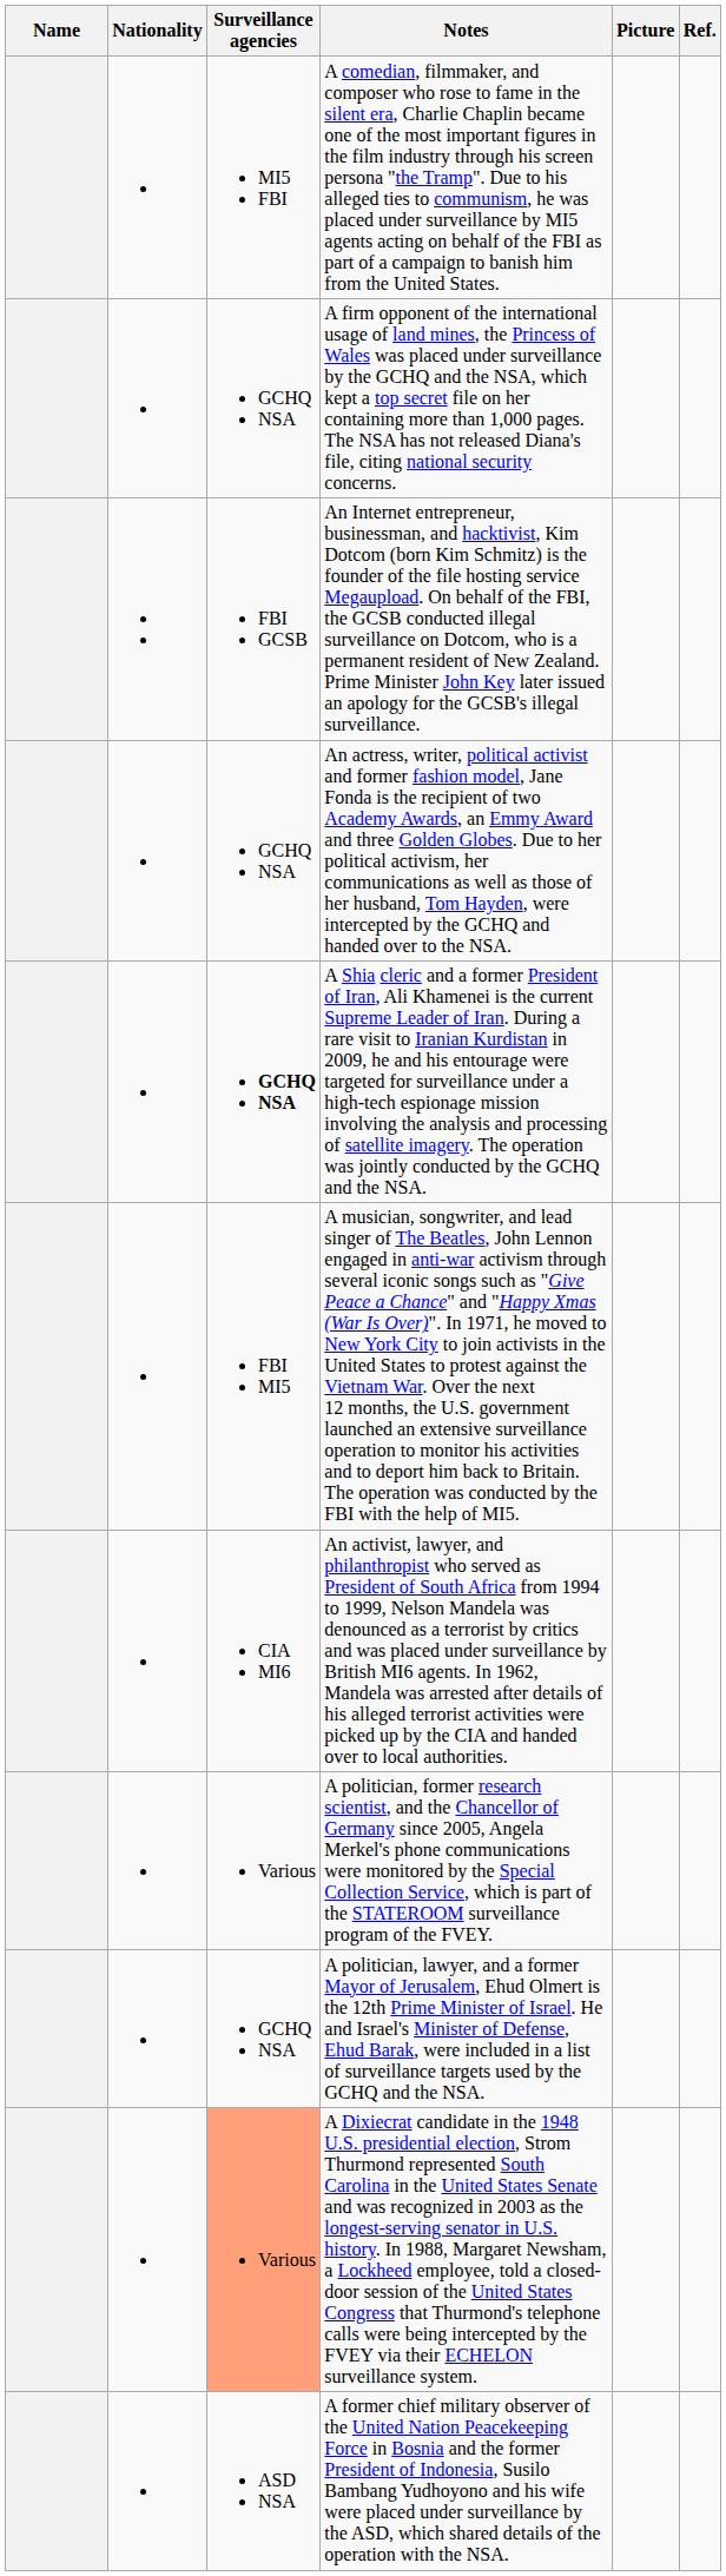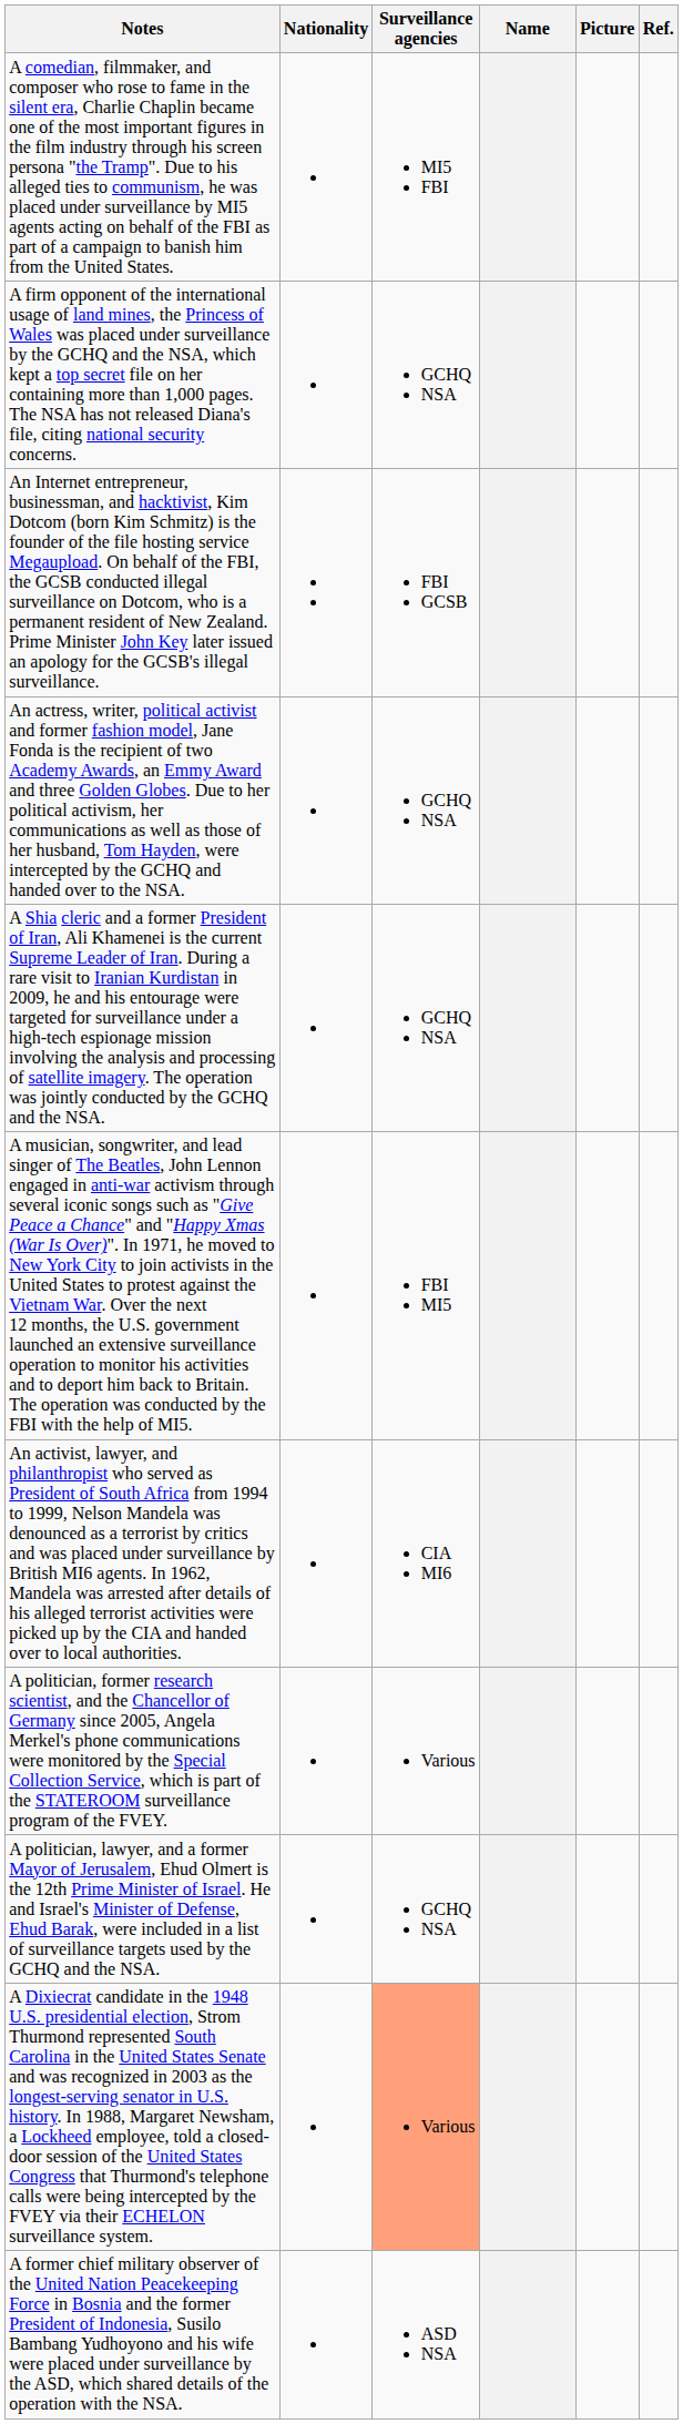 <table class="wikitable sortable">
 <tr>
-<th scope="col" width="20%">Name</th>
+<th scope="col" class="unsortable" width="60%">Notes</th>
 <th scope="col" width="10%">Nationality</th>
 <th scope="col" width="10%">Surveillance agencies</th>
-<th scope="col" class="unsortable" width="60%">Notes</th>
+<th scope="col" width="20%">Name</th>
 <th scope="col" class="unsortable" width="8%">Picture</th>
 <th scope="col" class="unsortable" width="10%">Ref.</th>
 </tr>
 <tr>
-<th scope="row"></th>
+<td>A <a href='#'>comedian</a>, filmmaker, and composer who rose to fame in the <a href='#'>silent era</a>, Charlie Chaplin became one of the most important figures in the film industry through his screen persona "<a href='#'>the Tramp</a>". Due to his alleged ties to <a href='#'>communism</a>, he was placed under surveillance by MI5 agents acting on behalf of the FBI as part of a campaign to banish him from the United States.</td>
 <td><br><ul><li></li></ul></td>
 <td><br><ul><li>MI5</li><li>FBI</li></ul></td>
-<td>A <a href='#'>comedian</a>, filmmaker, and composer who rose to fame in the <a href='#'>silent era</a>, Charlie Chaplin became one of the most important figures in the film industry through his screen persona "<a href='#'>the Tramp</a>". Due to his alleged ties to <a href='#'>communism</a>, he was placed under surveillance by MI5 agents acting on behalf of the FBI as part of a campaign to banish him from the United States.</td>
+<th scope="row"></th>
 <td></td>
 <td></td>
 </tr>
 <tr>
-<th scope="row"></th>
+<td>A firm opponent of the international usage of <a href='#'>land mines</a>, the <a href='#'>Princess of Wales</a> was placed under surveillance by the GCHQ and the NSA, which kept a <a href='#'>top secret</a> file on her containing more than 1,000 pages. The NSA has not released Diana's file, citing <a href='#'>national security</a> concerns.</td>
 <td><br><ul><li></li></ul></td>
 <td><br><ul><li>GCHQ</li><li>NSA</li></ul></td>
-<td>A firm opponent of the international usage of <a href='#'>land mines</a>, the <a href='#'>Princess of Wales</a> was placed under surveillance by the GCHQ and the NSA, which kept a <a href='#'>top secret</a> file on her containing more than 1,000 pages. The NSA has not released Diana's file, citing <a href='#'>national security</a> concerns.</td>
+<th scope="row"></th>
 <td></td>
 <td></td>
 </tr>
 <tr>
-<th scope="row"></th>
+<td>An Internet entrepreneur, businessman, and <a href='#'>hacktivist</a>, Kim Dotcom (born Kim Schmitz) is the founder of the file hosting service <a href='#'>Megaupload</a>. On behalf of the FBI, the GCSB conducted illegal surveillance on Dotcom, who is a permanent resident of New Zealand. Prime Minister <a href='#'>John Key</a> later issued an apology for the GCSB's illegal surveillance.</td>
 <td><br><ul><li></li><li></li></ul></td>
 <td><br><ul><li>FBI</li><li>GCSB</li></ul></td>
-<td>An Internet entrepreneur, businessman, and <a href='#'>hacktivist</a>, Kim Dotcom (born Kim Schmitz) is the founder of the file hosting service <a href='#'>Megaupload</a>. On behalf of the FBI, the GCSB conducted illegal surveillance on Dotcom, who is a permanent resident of New Zealand. Prime Minister <a href='#'>John Key</a> later issued an apology for the GCSB's illegal surveillance.</td>
+<th scope="row"></th>
 <td></td>
 <td></td>
 </tr>
 <tr>
-<th scope="row"></th>
+<td>An actress, writer, <a href='#'>political activist</a> and former <a href='#'>fashion model</a>, Jane Fonda is the recipient of two <a href='#'>Academy Awards</a>, an <a href='#'>Emmy Award</a> and three <a href='#'>Golden Globes</a>. Due to her political activism, her communications as well as those of her husband, <a href='#'>Tom Hayden</a>, were intercepted by the GCHQ and handed over to the NSA.</td>
 <td><br><ul><li></li></ul></td>
 <td><br><ul><li>GCHQ</li><li>NSA</li></ul></td>
-<td>An actress, writer, <a href='#'>political activist</a> and former <a href='#'>fashion model</a>, Jane Fonda is the recipient of two <a href='#'>Academy Awards</a>, an <a href='#'>Emmy Award</a> and three <a href='#'>Golden Globes</a>. Due to her political activism, her communications as well as those of her husband, <a href='#'>Tom Hayden</a>, were intercepted by the GCHQ and handed over to the NSA.</td>
+<th scope="row"></th>
 <td></td>
 <td></td>
 </tr>
 <tr>
+<td>A <a href='#'>Shia</a> <a href='#'>cleric</a> and a former <a href='#'>President of Iran</a>, Ali Khamenei is the current <a href='#'>Supreme Leader of Iran</a>. During a rare visit to <a href='#'>Iranian Kurdistan</a> in 2009, he and his entourage were targeted for surveillance under a high-tech espionage mission involving the analysis and processing of <a href='#'>satellite imagery</a>. The operation was jointly conducted by the GCHQ and the NSA.</td>
+<td><br><ul><li></li></ul></td>
+<td><br><ul><li>GCHQ</li><li>NSA</li></ul></td>
 <th scope="row"></th>
-<td><br><ul><li></li></ul></td>
-<td><strong><br><ul><li>GCHQ</li><li>NSA</li></ul></strong></td>
-<td>A <a href='#'>Shia</a> <a href='#'>cleric</a> and a former <a href='#'>President of Iran</a>, Ali Khamenei is the current <a href='#'>Supreme Leader of Iran</a>. During a rare visit to <a href='#'>Iranian Kurdistan</a> in 2009, he and his entourage were targeted for surveillance under a high-tech espionage mission involving the analysis and processing of <a href='#'>satellite imagery</a>. The operation was jointly conducted by the GCHQ and the NSA.</td>
 <td></td>
 <td></td>
 </tr>
 <tr>
-<th scope="row"></th>
+<td>A musician, songwriter, and lead singer of <a href='#'>The Beatles</a>, John Lennon engaged in <a href='#'>anti-war</a> activism through several iconic songs such as "<em><a href='#'>Give Peace a Chance</a></em>" and "<em><a href='#'>Happy Xmas (War Is Over)</a></em>". In 1971, he moved to <a href='#'>New York City</a> to join activists in the United States to protest against the <a href='#'>Vietnam War</a>. Over the next 12 months, the U.S. government launched an extensive surveillance operation to monitor his activities and to deport him back to Britain. The operation was conducted by the FBI with the help of MI5.</td>
 <td><br><ul><li></li></ul></td>
 <td><br><ul><li>FBI</li><li>MI5</li></ul></td>
-<td>A musician, songwriter, and lead singer of <a href='#'>The Beatles</a>, John Lennon engaged in <a href='#'>anti-war</a> activism through several iconic songs such as "<em><a href='#'>Give Peace a Chance</a></em>" and "<em><a href='#'>Happy Xmas (War Is Over)</a></em>". In 1971, he moved to <a href='#'>New York City</a> to join activists in the United States to protest against the <a href='#'>Vietnam War</a>. Over the next 12 months, the U.S. government launched an extensive surveillance operation to monitor his activities and to deport him back to Britain. The operation was conducted by the FBI with the help of MI5.</td>
+<th scope="row"></th>
 <td></td>
 <td></td>
 </tr>
 <tr>
-<th scope="row"></th>
+<td>An activist, lawyer, and <a href='#'>philanthropist</a> who served as <a href='#'>President of South Africa</a> from 1994 to 1999, Nelson Mandela was denounced as a terrorist by critics and was placed under surveillance by British MI6 agents. In 1962, Mandela was arrested after details of his alleged terrorist activities were picked up by the CIA and handed over to local authorities.</td>
 <td><br><ul><li></li></ul></td>
 <td><br><ul><li>CIA</li><li>MI6</li></ul></td>
-<td>An activist, lawyer, and <a href='#'>philanthropist</a> who served as <a href='#'>President of South Africa</a> from 1994 to 1999, Nelson Mandela was denounced as a terrorist by critics and was placed under surveillance by British MI6 agents. In 1962, Mandela was arrested after details of his alleged terrorist activities were picked up by the CIA and handed over to local authorities.</td>
+<th scope="row"></th>
 <td></td>
 <td></td>
 </tr>
 <tr>
-<th scope="row"></th>
+<td>A politician, former <a href='#'>research scientist</a>, and the <a href='#'>Chancellor of Germany</a> since 2005, Angela Merkel's phone communications were monitored by the <a href='#'>Special Collection Service</a>, which is part of the <a href='#'>STATEROOM</a> surveillance program of the FVEY.</td>
 <td><br><ul><li></li></ul></td>
 <td><br><ul><li>Various</li></ul></td>
-<td>A politician, former <a href='#'>research scientist</a>, and the <a href='#'>Chancellor of Germany</a> since 2005, Angela Merkel's phone communications were monitored by the <a href='#'>Special Collection Service</a>, which is part of the <a href='#'>STATEROOM</a> surveillance program of the FVEY.</td>
+<th scope="row"></th>
 <td></td>
 <td></td>
 </tr>
 <tr>
-<th scope="row"></th>
+<td>A politician, lawyer, and a former <a href='#'>Mayor of Jerusalem</a>, Ehud Olmert is the 12th <a href='#'>Prime Minister of Israel</a>. He and Israel's <a href='#'>Minister of Defense</a>, <a href='#'>Ehud Barak</a>, were included in a list of surveillance targets used by the GCHQ and the NSA.</td>
 <td><br><ul><li></li></ul></td>
 <td><br><ul><li>GCHQ</li><li>NSA</li></ul></td>
-<td>A politician, lawyer, and a former <a href='#'>Mayor of Jerusalem</a>, Ehud Olmert is the 12th <a href='#'>Prime Minister of Israel</a>. He and Israel's <a href='#'>Minister of Defense</a>, <a href='#'>Ehud Barak</a>, were included in a list of surveillance targets used by the GCHQ and the NSA.</td>
+<th scope="row"></th>
 <td></td>
 <td></td>
 </tr>
 <tr>
-<th scope="row"></th>
+<td>A <a href='#'>Dixiecrat</a> candidate in the <a href='#'>1948 U.S. presidential election</a>, Strom Thurmond represented <a href='#'>South Carolina</a> in the <a href='#'>United States Senate</a> and was recognized in 2003 as the <a href='#'>longest-serving senator in U.S. history</a>. In 1988, Margaret Newsham, a <a href='#'>Lockheed</a> employee, told a closed-door session of the <a href='#'>United States Congress</a> that Thurmond's telephone calls were being intercepted by the FVEY via their <a href='#'>ECHELON</a> surveillance system.</td>
 <td><br><ul><li></li></ul></td>
 <td style="background: lightsalmon;"><br><ul><li>Various</li></ul></td>
-<td>A <a href='#'>Dixiecrat</a> candidate in the <a href='#'>1948 U.S. presidential election</a>, Strom Thurmond represented <a href='#'>South Carolina</a> in the <a href='#'>United States Senate</a> and was recognized in 2003 as the <a href='#'>longest-serving senator in U.S. history</a>. In 1988, Margaret Newsham, a <a href='#'>Lockheed</a> employee, told a closed-door session of the <a href='#'>United States Congress</a> that Thurmond's telephone calls were being intercepted by the FVEY via their <a href='#'>ECHELON</a> surveillance system.</td>
+<th scope="row"></th>
 <td></td>
 <td></td>
 </tr>
 <tr>
-<th scope="row"></th>
+<td>A former chief military observer of the <a href='#'>United Nation Peacekeeping Force</a> in <a href='#'>Bosnia</a> and the former <a href='#'>President of Indonesia</a>, Susilo Bambang Yudhoyono and his wife were placed under surveillance by the ASD, which shared details of the operation with the NSA.</td>
 <td><br><ul><li></li></ul></td>
 <td><br><ul><li>ASD</li><li>NSA</li></ul></td>
-<td>A former chief military observer of the <a href='#'>United Nation Peacekeeping Force</a> in <a href='#'>Bosnia</a> and the former <a href='#'>President of Indonesia</a>, Susilo Bambang Yudhoyono and his wife were placed under surveillance by the ASD, which shared details of the operation with the NSA.</td>
+<th scope="row"></th>
 <td></td>
 <td></td>
 </tr>
 </table>
